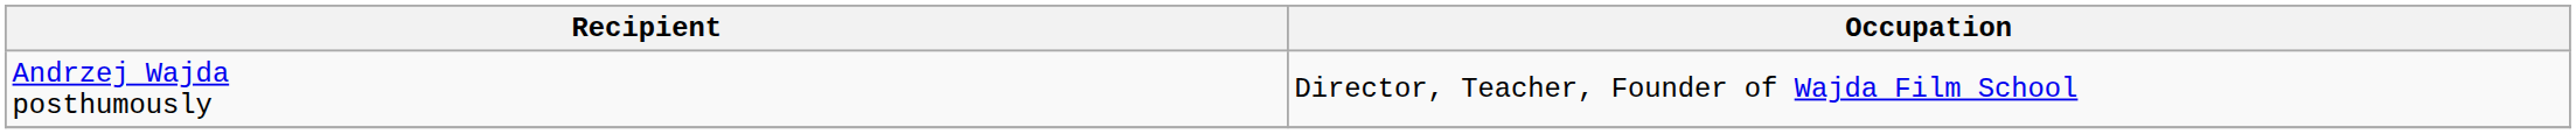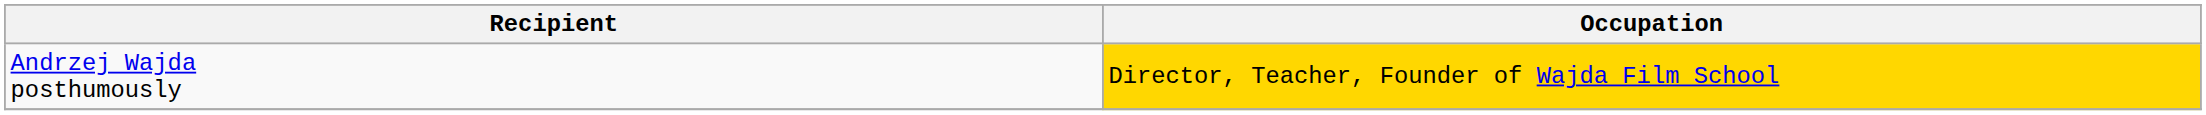 <table class="wikitable" width="95%" cellpadding="5">
 <tr>
 <th width="25%">Recipient</th>
 <th width="25%">Occupation</th>
 </tr>
 <tr>
 <td> <a href='#'>Andrzej Wajda</a><br>posthumously</td>
-<td>Director, Teacher, Founder of <a href='#'>Wajda Film School</a></td>
+<td style="background: gold;">Director, Teacher, Founder of <a href='#'>Wajda Film School</a></td>
 </tr>
 <tr>
 </tr>
 </table>
